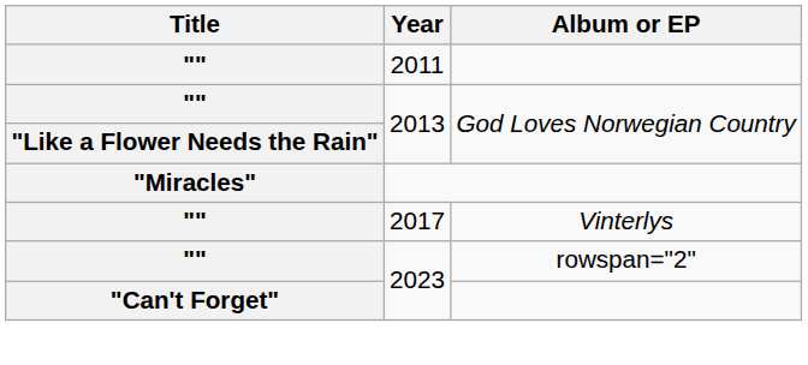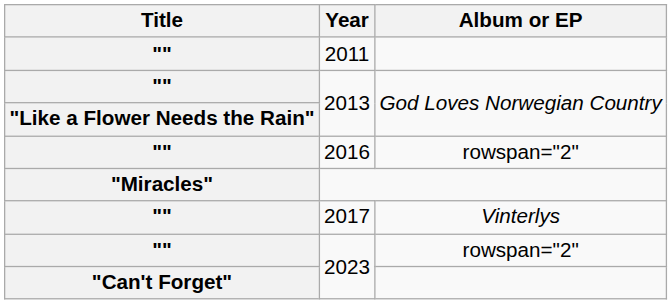 <table class="wikitable plainrowheaders" style="text-align:center;">
 <tr>
 <th scope="col">Title</th>
 <th scope="col">Year</th>
 <th scope="col">Album or EP</th>
 </tr>
 <tr>
 <th scope="row">""<br></th>
 <td>2011</td>
 <td></td>
 </tr>
 <tr>
 <th scope="row">""<br></th>
 <td rowspan="2">2013</td>
 <td rowspan="2"><em>God Loves Norwegian Country</em></td>
 </tr>
 <tr>
 <th scope="row">"Like a Flower Needs the Rain"<br></th>
 </tr>
 <tr>
+<th scope="row">""<br></th>
+<td>2016</td>
+<td>rowspan="2" </td>
+</tr>
+<tr>
 <th scope="row">"Miracles"<br></th>
 </tr>
 <tr>
 <th scope="row">""<br></th>
 <td>2017</td>
 <td><em>Vinterlys</em></td>
 </tr>
 <tr>
 <th scope="row">""<br></th>
 <td rowspan="2">2023</td>
 <td>rowspan="2" </td>
 </tr>
 <tr>
 <th scope="row">"Can't Forget"<br></th>
 </tr>
 </table>
